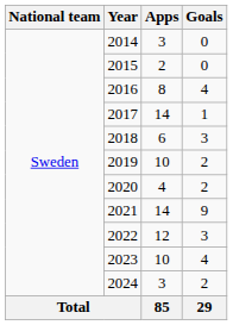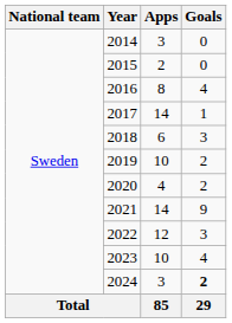 <table class="wikitable" style="text-align:center">
 <tr>
 <th>National team</th>
 <th>Year</th>
 <th>Apps</th>
 <th>Goals</th>
 </tr>
 <tr>
 <td rowspan="11"><a href='#'>Sweden</a></td>
 <td>2014</td>
 <td>3</td>
 <td>0</td>
 </tr>
 <tr>
 <td>2015</td>
 <td>2</td>
 <td>0</td>
 </tr>
 <tr>
 <td>2016</td>
 <td>8</td>
 <td>4</td>
 </tr>
 <tr>
 <td>2017</td>
 <td>14</td>
 <td>1</td>
 </tr>
 <tr>
 <td>2018</td>
 <td>6</td>
 <td>3</td>
 </tr>
 <tr>
 <td>2019</td>
 <td>10</td>
 <td>2</td>
 </tr>
 <tr>
 <td>2020</td>
 <td>4</td>
 <td>2</td>
 </tr>
 <tr>
 <td>2021</td>
 <td>14</td>
 <td>9</td>
 </tr>
 <tr>
 <td>2022</td>
 <td>12</td>
 <td>3</td>
 </tr>
 <tr>
 <td>2023</td>
 <td>10</td>
 <td>4</td>
 </tr>
 <tr>
 <td>2024</td>
 <td>3</td>
-<td>2</td>
+<td><strong>2</strong></td>
 </tr>
 <tr>
 <th colspan="2">Total</th>
 <th>85</th>
 <th>29</th>
 </tr>
 </table>
